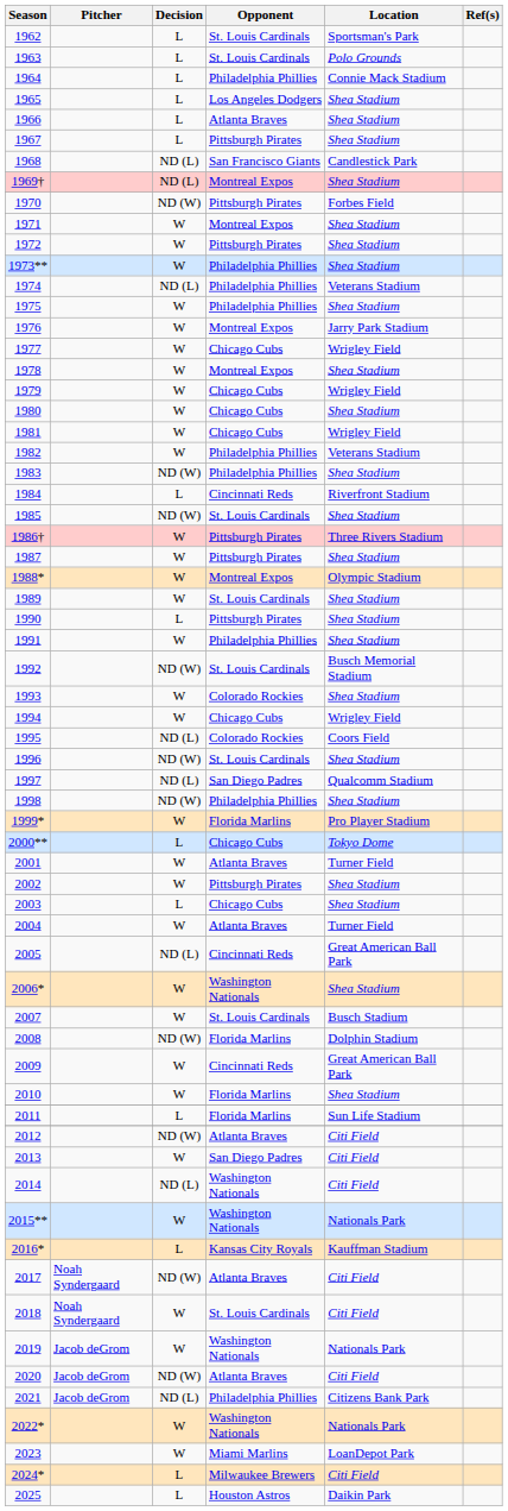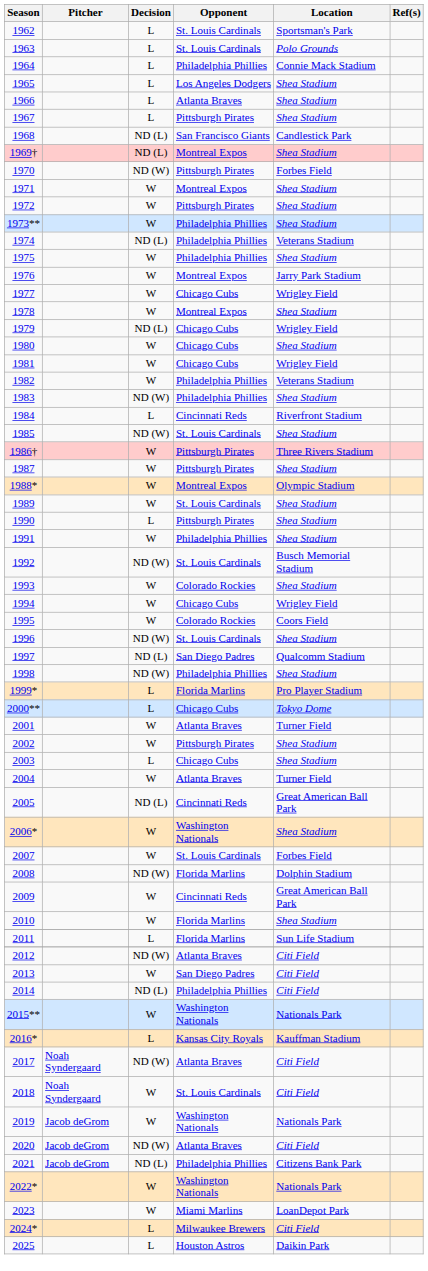 <table class="wikitable sortable plainrowheaders">
 <tr>
 <th scope="col">Season</th>
 <th scope="col">Pitcher</th>
 <th scope="col">Decision</th>
 <th scope="col">Opponent</th>
 <th scope="col">Location</th>
 <th class="unsortable">Ref(s)</th>
 </tr>
 <tr>
 <td align="center"><a href='#'>1962</a></td>
 <td></td>
 <td align="center">L</td>
 <td><a href='#'>St. Louis Cardinals</a></td>
 <td><a href='#'>Sportsman's Park</a></td>
 <td align="center"></td>
 </tr>
 <tr>
 <td align="center"><a href='#'>1963</a></td>
 <td> </td>
 <td align="center">L</td>
 <td><a href='#'>St. Louis Cardinals</a></td>
 <td><em><a href='#'>Polo Grounds</a></em></td>
 <td align="center"></td>
 </tr>
 <tr>
 <td align="center"><a href='#'>1964</a></td>
 <td></td>
 <td align="center">L</td>
 <td><a href='#'>Philadelphia Phillies</a></td>
 <td><a href='#'>Connie Mack Stadium</a></td>
 <td align="center"></td>
 </tr>
 <tr>
 <td align="center"><a href='#'>1965</a></td>
 <td> </td>
 <td align="center">L</td>
 <td><a href='#'>Los Angeles Dodgers</a></td>
 <td><em><a href='#'>Shea Stadium</a></em></td>
 <td align="center"></td>
 </tr>
 <tr>
 <td align="center"><a href='#'>1966</a></td>
 <td></td>
 <td align="center">L</td>
 <td><a href='#'>Atlanta Braves</a></td>
 <td><em><a href='#'>Shea Stadium</a></em></td>
 <td align="center"></td>
 </tr>
 <tr>
 <td align="center"><a href='#'>1967</a></td>
 <td></td>
 <td align="center">L</td>
 <td><a href='#'>Pittsburgh Pirates</a></td>
 <td><em><a href='#'>Shea Stadium</a></em></td>
 <td align="center"></td>
 </tr>
 <tr>
 <td align="center"><a href='#'>1968</a></td>
 <td></td>
 <td align="center">ND (L)</td>
 <td><a href='#'>San Francisco Giants</a></td>
 <td><a href='#'>Candlestick Park</a></td>
 <td align="center"></td>
 </tr>
 <tr>
 <td style="background-color: #FFCCCC" align="center"><a href='#'>1969</a>†</td>
 <td style="background-color: #FFCCCC"> </td>
 <td style="background-color: #FFCCCC" align="center">ND (L)</td>
 <td style="background-color: #FFCCCC"><a href='#'>Montreal Expos</a></td>
 <td style="background-color: #FFCCCC"><em><a href='#'>Shea Stadium</a></em></td>
 <td style="background-color: #FFCCCC" align="center"></td>
 </tr>
 <tr>
 <td align="center"><a href='#'>1970</a></td>
 <td> </td>
 <td align="center">ND (W)</td>
 <td><a href='#'>Pittsburgh Pirates</a></td>
 <td><a href='#'>Forbes Field</a></td>
 <td align="center"></td>
 </tr>
 <tr>
 <td align="center"><a href='#'>1971</a></td>
 <td> </td>
 <td align="center">W</td>
 <td><a href='#'>Montreal Expos</a></td>
 <td><em><a href='#'>Shea Stadium</a></em></td>
 <td align="center"></td>
 </tr>
 <tr>
 <td align="center"><a href='#'>1972</a></td>
 <td> </td>
 <td align="center">W</td>
 <td><a href='#'>Pittsburgh Pirates</a></td>
 <td><em><a href='#'>Shea Stadium</a></em></td>
 <td align="center"></td>
 </tr>
 <tr>
 <td style="background-color: #D0E7FF" align="center"><a href='#'>1973</a>**</td>
 <td style="background-color: #D0E7FF"> </td>
 <td style="background-color: #D0E7FF" align="center">W</td>
 <td style="background-color: #D0E7FF"><a href='#'>Philadelphia Phillies</a></td>
 <td style="background-color: #D0E7FF"><em><a href='#'>Shea Stadium</a></em></td>
 <td style="background-color: #D0E7FF" align="center"></td>
 </tr>
 <tr>
 <td align="center"><a href='#'>1974</a></td>
 <td> </td>
 <td align="center">ND (L)</td>
 <td><a href='#'>Philadelphia Phillies</a></td>
 <td><a href='#'>Veterans Stadium</a></td>
 <td align="center"></td>
 </tr>
 <tr>
 <td align="center"><a href='#'>1975</a></td>
 <td> </td>
 <td align="center">W</td>
 <td><a href='#'>Philadelphia Phillies</a></td>
 <td><em><a href='#'>Shea Stadium</a></em></td>
 <td align="center"></td>
 </tr>
 <tr>
 <td align="center"><a href='#'>1976</a></td>
 <td> </td>
 <td align="center">W</td>
 <td><a href='#'>Montreal Expos</a></td>
 <td><a href='#'>Jarry Park Stadium</a></td>
 <td align="center"></td>
 </tr>
 <tr>
 <td align="center"><a href='#'>1977</a></td>
 <td> </td>
 <td align="center">W</td>
 <td><a href='#'>Chicago Cubs</a></td>
 <td><a href='#'>Wrigley Field</a></td>
 <td align="center"></td>
 </tr>
 <tr>
 <td align="center"><a href='#'>1978</a></td>
 <td></td>
 <td align="center">W</td>
 <td><a href='#'>Montreal Expos</a></td>
 <td><em><a href='#'>Shea Stadium</a></em></td>
 <td align="center"></td>
 </tr>
 <tr>
 <td align="center"><a href='#'>1979</a></td>
 <td></td>
-<td align="center">W</td>
+<td align="center">ND (L)</td>
 <td><a href='#'>Chicago Cubs</a></td>
 <td><a href='#'>Wrigley Field</a></td>
 <td align="center"></td>
 </tr>
 <tr>
 <td align="center"><a href='#'>1980</a></td>
 <td> </td>
 <td align="center">W</td>
 <td><a href='#'>Chicago Cubs</a></td>
 <td><em><a href='#'>Shea Stadium</a></em></td>
 <td align="center"></td>
 </tr>
 <tr>
 <td align="center"><a href='#'>1981</a></td>
 <td></td>
 <td align="center">W</td>
 <td><a href='#'>Chicago Cubs</a></td>
 <td><a href='#'>Wrigley Field</a></td>
 <td align="center"></td>
 </tr>
 <tr>
 <td align="center"><a href='#'>1982</a></td>
 <td></td>
 <td align="center">W</td>
 <td><a href='#'>Philadelphia Phillies</a></td>
 <td><a href='#'>Veterans Stadium</a></td>
 <td align="center"></td>
 </tr>
 <tr>
 <td align="center"><a href='#'>1983</a></td>
 <td> </td>
 <td align="center">ND (W)</td>
 <td><a href='#'>Philadelphia Phillies</a></td>
 <td><em><a href='#'>Shea Stadium</a></em></td>
 <td align="center"></td>
 </tr>
 <tr>
 <td align="center"><a href='#'>1984</a></td>
 <td></td>
 <td align="center">L</td>
 <td><a href='#'>Cincinnati Reds</a></td>
 <td><a href='#'>Riverfront Stadium</a></td>
 <td align="center"></td>
 </tr>
 <tr>
 <td align="center"><a href='#'>1985</a></td>
 <td></td>
 <td align="center">ND (W)</td>
 <td><a href='#'>St. Louis Cardinals</a></td>
 <td><em><a href='#'>Shea Stadium</a></em></td>
 <td align="center"></td>
 </tr>
 <tr>
 <td style="background-color: #FFCCCC" align="center"><a href='#'>1986</a>†</td>
 <td style="background-color: #FFCCCC"> </td>
 <td style="background-color: #FFCCCC" align="center">W</td>
 <td style="background-color: #FFCCCC"><a href='#'>Pittsburgh Pirates</a></td>
 <td style="background-color: #FFCCCC"><a href='#'>Three Rivers Stadium</a></td>
 <td style="background-color: #FFCCCC" align="center"></td>
 </tr>
 <tr>
 <td align="center"><a href='#'>1987</a></td>
 <td></td>
 <td align="center">W</td>
 <td><a href='#'>Pittsburgh Pirates</a></td>
 <td><em><a href='#'>Shea Stadium</a></em></td>
 <td align="center"></td>
 </tr>
 <tr>
 <td style="background-color: #FFE6BD" align="center"><a href='#'>1988</a>*</td>
 <td style="background-color: #FFE6BD"> </td>
 <td style="background-color: #FFE6BD" align="center">W</td>
 <td style="background-color: #FFE6BD"><a href='#'>Montreal Expos</a></td>
 <td style="background-color: #FFE6BD"><a href='#'>Olympic Stadium</a></td>
 <td style="background-color: #FFE6BD" align="center"></td>
 </tr>
 <tr>
 <td align="center"><a href='#'>1989</a></td>
 <td> </td>
 <td align="center">W</td>
 <td><a href='#'>St. Louis Cardinals</a></td>
 <td><em><a href='#'>Shea Stadium</a></em></td>
 <td align="center"></td>
 </tr>
 <tr>
 <td align="center"><a href='#'>1990</a></td>
 <td> </td>
 <td align="center">L</td>
 <td><a href='#'>Pittsburgh Pirates</a></td>
 <td><em><a href='#'>Shea Stadium</a></em></td>
 <td align="center"></td>
 </tr>
 <tr>
 <td align="center"><a href='#'>1991</a></td>
 <td> </td>
 <td align="center">W</td>
 <td><a href='#'>Philadelphia Phillies</a></td>
 <td><em><a href='#'>Shea Stadium</a></em></td>
 <td align="center"></td>
 </tr>
 <tr>
 <td align="center"><a href='#'>1992</a></td>
 <td></td>
 <td align="center">ND (W)</td>
 <td><a href='#'>St. Louis Cardinals</a></td>
 <td><a href='#'>Busch Memorial Stadium</a></td>
 <td align="center"></td>
 </tr>
 <tr>
 <td align="center"><a href='#'>1993</a></td>
 <td> </td>
 <td align="center">W</td>
 <td><a href='#'>Colorado Rockies</a></td>
 <td><em><a href='#'>Shea Stadium</a></em></td>
 <td align="center"></td>
 </tr>
 <tr>
 <td align="center"><a href='#'>1994</a></td>
 <td> </td>
 <td align="center">W</td>
 <td><a href='#'>Chicago Cubs</a></td>
 <td><a href='#'>Wrigley Field</a></td>
 <td align="center"></td>
 </tr>
 <tr>
 <td align="center"><a href='#'>1995</a></td>
 <td></td>
-<td align="center">ND (L)</td>
+<td align="center">W</td>
 <td><a href='#'>Colorado Rockies</a></td>
 <td><a href='#'>Coors Field</a></td>
 <td align="center"></td>
 </tr>
 <tr>
 <td align="center"><a href='#'>1996</a></td>
 <td> </td>
 <td align="center">ND (W)</td>
 <td><a href='#'>St. Louis Cardinals</a></td>
 <td><em><a href='#'>Shea Stadium</a></em></td>
 <td align="center"></td>
 </tr>
 <tr>
 <td align="center"><a href='#'>1997</a></td>
 <td></td>
 <td align="center">ND (L)</td>
 <td><a href='#'>San Diego Padres</a></td>
 <td><a href='#'>Qualcomm Stadium</a></td>
 <td align="center"></td>
 </tr>
 <tr>
 <td align="center"><a href='#'>1998</a></td>
 <td> </td>
 <td align="center">ND (W)</td>
 <td><a href='#'>Philadelphia Phillies</a></td>
 <td><em><a href='#'>Shea Stadium</a></em></td>
 <td align="center"></td>
 </tr>
 <tr>
 <td style="background-color: #FFE6BD" align="center"><a href='#'>1999</a>*</td>
 <td style="background-color: #FFE6BD"></td>
-<td style="background-color: #FFE6BD" align="center">W</td>
+<td style="background-color: #FFE6BD" align="center">L</td>
 <td style="background-color: #FFE6BD"><a href='#'>Florida Marlins</a></td>
 <td style="background-color: #FFE6BD"><a href='#'>Pro Player Stadium</a></td>
 <td style="background-color: #FFE6BD" align="center"></td>
 </tr>
 <tr>
 <td style="background-color: #D0E7FF" align="center"><a href='#'>2000</a>**</td>
 <td style="background-color: #D0E7FF"></td>
 <td style="background-color: #D0E7FF" align="center">L</td>
 <td style="background-color: #D0E7FF"><a href='#'>Chicago Cubs</a></td>
 <td style="background-color: #D0E7FF"><em><a href='#'>Tokyo Dome</a></em></td>
 <td style="background-color: #D0E7FF" align="center"></td>
 </tr>
 <tr>
 <td align="center"><a href='#'>2001</a></td>
 <td> </td>
 <td align="center">W</td>
 <td><a href='#'>Atlanta Braves</a></td>
 <td><a href='#'>Turner Field</a></td>
 <td align="center"></td>
 </tr>
 <tr>
 <td align="center"><a href='#'>2002</a></td>
 <td> </td>
 <td align="center">W</td>
 <td><a href='#'>Pittsburgh Pirates</a></td>
 <td><em><a href='#'>Shea Stadium</a></em></td>
 <td align="center"></td>
 </tr>
 <tr>
 <td align="center"><a href='#'>2003</a></td>
 <td></td>
 <td align="center">L</td>
 <td><a href='#'>Chicago Cubs</a></td>
 <td><em><a href='#'>Shea Stadium</a></em></td>
 <td align="center"></td>
 </tr>
 <tr>
 <td align="center"><a href='#'>2004</a></td>
 <td> </td>
 <td align="center">W</td>
 <td><a href='#'>Atlanta Braves</a></td>
 <td><a href='#'>Turner Field</a></td>
 <td align="center"></td>
 </tr>
 <tr>
 <td align="center"><a href='#'>2005</a></td>
 <td></td>
 <td align="center">ND (L)</td>
 <td><a href='#'>Cincinnati Reds</a></td>
 <td><a href='#'>Great American Ball Park</a></td>
 <td align="center"></td>
 </tr>
 <tr>
 <td style="background-color: #FFE6BD" align="center"><a href='#'>2006</a>*</td>
 <td style="background-color: #FFE6BD"> </td>
 <td style="background-color: #FFE6BD" align="center">W</td>
 <td style="background-color: #FFE6BD"><a href='#'>Washington Nationals</a></td>
 <td style="background-color: #FFE6BD"><em><a href='#'>Shea Stadium</a></em></td>
 <td style="background-color: #FFE6BD" align="center"></td>
 </tr>
 <tr>
 <td align="center"><a href='#'>2007</a></td>
 <td> </td>
 <td align="center">W</td>
 <td><a href='#'>St. Louis Cardinals</a></td>
-<td><a href='#'>Busch Stadium</a></td>
+<td><a href='#'>Forbes Field</a></td>
 <td align="center"></td>
 </tr>
 <tr>
 <td align="center"><a href='#'>2008</a></td>
 <td></td>
 <td align="center">ND (W)</td>
 <td><a href='#'>Florida Marlins</a></td>
 <td><a href='#'>Dolphin Stadium</a></td>
 <td align="center"></td>
 </tr>
 <tr>
 <td align="center"><a href='#'>2009</a></td>
 <td>  </td>
 <td align="center">W</td>
 <td><a href='#'>Cincinnati Reds</a></td>
 <td><a href='#'>Great American Ball Park</a></td>
 <td align="center"></td>
 </tr>
 <tr>
 <td align="center"><a href='#'>2010</a></td>
 <td>  </td>
 <td align="center">W</td>
 <td><a href='#'>Florida Marlins</a></td>
 <td><em><a href='#'>Shea Stadium</a></em></td>
 <td align="center"></td>
 </tr>
 <tr>
 </tr>
 <tr>
 <td align="center"><a href='#'>2011</a></td>
 <td></td>
 <td align="center">L</td>
 <td><a href='#'>Florida Marlins</a></td>
 <td><a href='#'>Sun Life Stadium</a></td>
 <td align="center"></td>
 </tr>
 <tr>
 </tr>
 <tr>
 <td align="center"><a href='#'>2012</a></td>
 <td>  </td>
 <td align="center">ND (W)</td>
 <td><a href='#'>Atlanta Braves</a></td>
 <td><em><a href='#'>Citi Field</a></em></td>
 <td align="center"></td>
 </tr>
 <tr>
 <td align="center"><a href='#'>2013</a></td>
 <td></td>
 <td align="center">W</td>
 <td><a href='#'>San Diego Padres</a></td>
 <td><em><a href='#'>Citi Field</a></em></td>
 <td align="center"></td>
 </tr>
 <tr>
 <td align="center"><a href='#'>2014</a></td>
 <td></td>
 <td align="center">ND (L)</td>
-<td><a href='#'>Washington Nationals</a></td>
+<td><a href='#'>Philadelphia Phillies</a></td>
 <td><em><a href='#'>Citi Field</a></em></td>
 <td align="center"></td>
 </tr>
 <tr>
 <td style="background-color: #D0E7FF" align="center"><a href='#'>2015</a>**</td>
 <td style="background-color: #D0E7FF"></td>
 <td style="background-color: #D0E7FF" align="center">W</td>
 <td style="background-color: #D0E7FF"><a href='#'>Washington Nationals</a></td>
 <td style="background-color: #D0E7FF"><a href='#'>Nationals Park</a></td>
 <td style="background-color: #D0E7FF" align="center"></td>
 </tr>
 <tr>
 <td style="background-color: #FFE6BD" align="center"><a href='#'>2016</a>*</td>
 <td style="background-color: #FFE6BD"></td>
 <td style="background-color: #FFE6BD" align="center">L</td>
 <td style="background-color: #FFE6BD"><a href='#'>Kansas City Royals</a></td>
 <td style="background-color: #FFE6BD"><a href='#'>Kauffman Stadium</a></td>
 <td style="background-color: #FFE6BD" align="center"></td>
 </tr>
 <tr>
 <td align="center"><a href='#'>2017</a></td>
 <td><a href='#'>Noah Syndergaard</a></td>
 <td align="center">ND (W)</td>
 <td><a href='#'>Atlanta Braves</a></td>
 <td><em><a href='#'>Citi Field</a></em></td>
 <td align="center"></td>
 </tr>
 <tr>
 <td align="center"><a href='#'>2018</a></td>
 <td><a href='#'>Noah Syndergaard</a> </td>
 <td align="center">W</td>
 <td><a href='#'>St. Louis Cardinals</a></td>
 <td><em><a href='#'>Citi Field</a></em></td>
 <td align="center"></td>
 </tr>
 <tr>
 <td align="center"><a href='#'>2019</a></td>
 <td><a href='#'>Jacob deGrom</a></td>
 <td align="center">W</td>
 <td><a href='#'>Washington Nationals</a></td>
 <td><a href='#'>Nationals Park</a></td>
 <td align="center"></td>
 </tr>
 <tr>
 <td align="center"><a href='#'>2020</a></td>
 <td><a href='#'>Jacob deGrom</a> </td>
 <td align="center">ND (W)</td>
 <td><a href='#'>Atlanta Braves</a></td>
 <td><em><a href='#'>Citi Field</a></em></td>
 <td align="center"></td>
 </tr>
 <tr>
 <td align="center"><a href='#'>2021</a></td>
 <td><a href='#'>Jacob deGrom</a> </td>
 <td align="center">ND (L)</td>
 <td><a href='#'>Philadelphia Phillies</a></td>
 <td><a href='#'>Citizens Bank Park</a></td>
 <td align="center"></td>
 </tr>
 <tr>
 <td style="background-color: #FFE6BD" align="center"><a href='#'>2022</a>*</td>
 <td style="background-color: #FFE6BD"></td>
 <td style="background-color: #FFE6BD" align="center">W</td>
 <td style="background-color: #FFE6BD"><a href='#'>Washington Nationals</a></td>
 <td style="background-color: #FFE6BD"><a href='#'>Nationals Park</a></td>
 <td style="background-color: #FFE6BD" align="center"></td>
 </tr>
 <tr>
 <td align="center"><a href='#'>2023</a></td>
 <td></td>
 <td align="center">W</td>
 <td><a href='#'>Miami Marlins</a></td>
 <td><a href='#'>LoanDepot Park</a></td>
 <td align="center"></td>
 </tr>
 <tr style="background-color: #FFE6BD">
 <td align="center"><a href='#'>2024</a>*</td>
 <td></td>
 <td align="center">L</td>
 <td><a href='#'>Milwaukee Brewers</a></td>
 <td><em><a href='#'>Citi Field</a></em></td>
 <td align="center"></td>
 </tr>
 <tr>
 <td align="center"><a href='#'>2025</a></td>
 <td></td>
 <td align="center">L</td>
 <td><a href='#'>Houston Astros</a></td>
 <td><a href='#'>Daikin Park</a></td>
 <td align="center"></td>
 </tr>
 </table>
